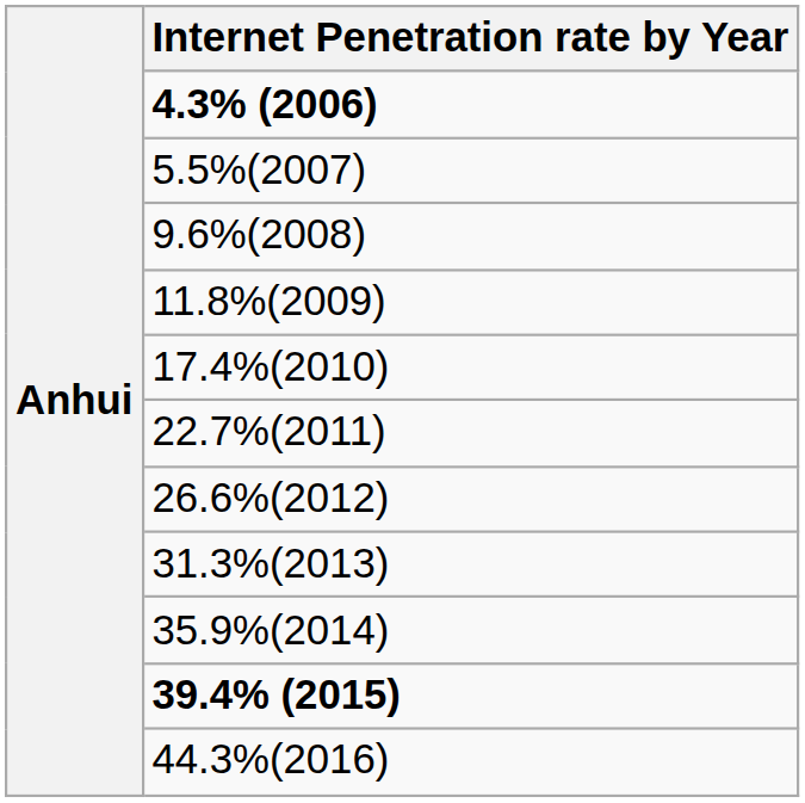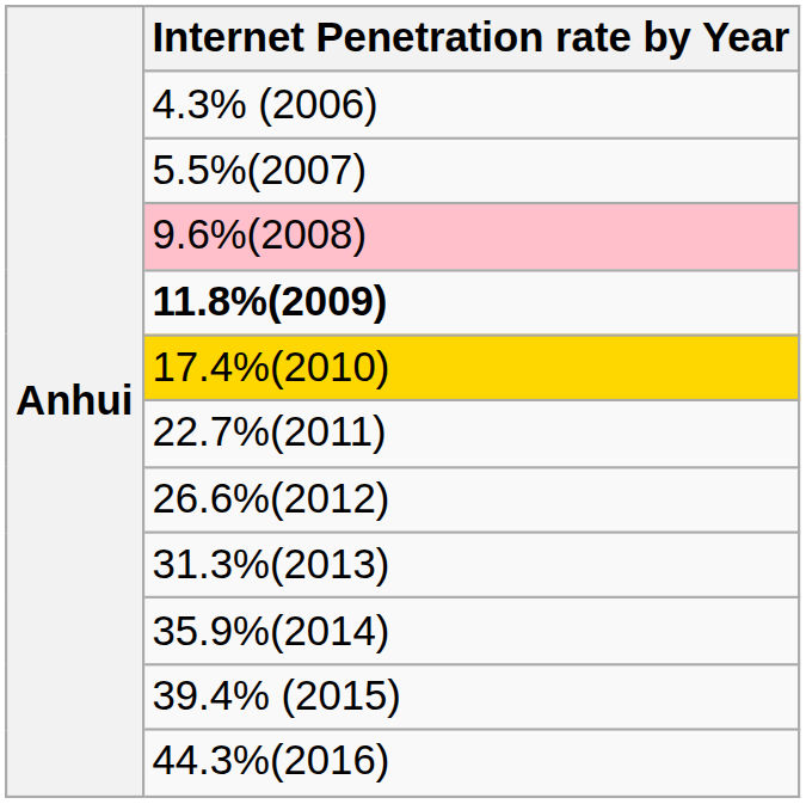 <table class="wikitable">
 <tr>
 <th rowspan="12">Anhui</th>
 <th>Internet Penetration rate by Year</th>
 </tr>
 <tr>
-<td><strong>4.3% (2006)</strong></td>
+<td>4.3% (2006)</td>
 </tr>
 <tr>
 <td>5.5%(2007)</td>
 </tr>
 <tr>
-<td>9.6%(2008)</td>
+<td style="background: pink;">9.6%(2008)</td>
 </tr>
 <tr>
-<td>11.8%(2009)</td>
+<td><strong>11.8%(2009)</strong></td>
 </tr>
 <tr>
-<td>17.4%(2010)</td>
+<td style="background: gold;">17.4%(2010)</td>
 </tr>
 <tr>
 <td>22.7%(2011)</td>
 </tr>
 <tr>
 <td>26.6%(2012)</td>
 </tr>
 <tr>
 <td>31.3%(2013)</td>
 </tr>
 <tr>
 <td>35.9%(2014)</td>
 </tr>
 <tr>
-<td><strong>39.4% (2015)</strong></td>
+<td>39.4% (2015)</td>
 </tr>
 <tr>
 <td>44.3%(2016)</td>
 </tr>
 </table>
